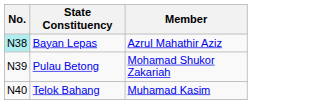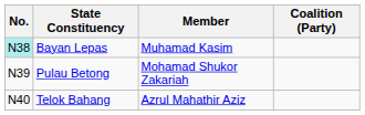 <table class="wikitable">
 <tr>
 <th width="30">No.</th>
 <th width="130">State Constituency</th>
 <th width="170">Member</th>
+<th width="105">Coalition (Party)</th>
 </tr>
 <tr>
 <td style="background: paleturquoise;">N38</td>
 <td><a href='#'>Bayan Lepas</a></td>
-<td><a href='#'>Azrul Mahathir Aziz</a></td>
+<td><a href='#'>Muhamad Kasim</a></td>
+<td></td>
 </tr>
 <tr>
 <td>N39</td>
 <td><a href='#'>Pulau Betong</a></td>
 <td><a href='#'>Mohamad Shukor Zakariah</a></td>
+<td></td>
 </tr>
 <tr>
 <td>N40</td>
 <td><a href='#'>Telok Bahang</a></td>
-<td><a href='#'>Muhamad Kasim</a></td>
+<td><a href='#'>Azrul Mahathir Aziz</a></td>
+<td></td>
 </tr>
 </table>
